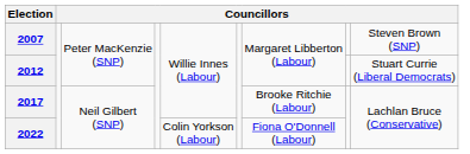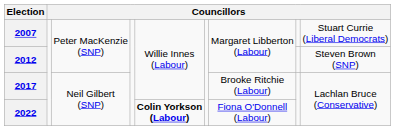 <table class="wikitable" style="text-align:center">
 <tr>
 <th>Election</th>
 <th colspan=8>Councillors</th>
 </tr>
 <tr>
 <th><a href='#'>2007</a></th>
 <td rowspan=4; style="background-color: "></td>
 <td rowspan=2>Peter MacKenzie<br>(<a href='#'>SNP</a>)</td>
 <td rowspan=4; style="background-color: "></td>
 <td rowspan=3>Willie Innes<br>(<a href='#'>Labour</a>)</td>
 <td rowspan=4; style="background-color: "></td>
 <td rowspan=2>Margaret Libberton<br>(<a href='#'>Labour</a>)</td>
 <td rowspan=1; style="background-color: "></td>
-<td rowspan=1>Steven Brown<br>(<a href='#'>SNP</a>)</td>
+<td rowspan=1>Stuart Currie<br>(<a href='#'>Liberal Democrats</a>)</td>
 </tr>
 <tr>
 <th><a href='#'>2012</a></th>
 <td rowspan=1; style="background-color: "></td>
-<td rowspan=1>Stuart Currie<br>(<a href='#'>Liberal Democrats</a>)</td>
+<td rowspan=1>Steven Brown<br>(<a href='#'>SNP</a>)</td>
 </tr>
 <tr>
 <th><a href='#'>2017</a></th>
 <td rowspan=2>Neil Gilbert<br>(<a href='#'>SNP</a>)</td>
 <td rowspan=1>Brooke Ritchie<br>(<a href='#'>Labour</a>)</td>
 <td rowspan=2; style="background-color: "></td>
 <td rowspan=2>Lachlan Bruce<br>(<a href='#'>Conservative</a>)</td>
 </tr>
 <tr>
 <th><a href='#'>2022</a></th>
-<td rowspan=1>Colin Yorkson<br>(<a href='#'>Labour</a>)</td>
+<td rowspan=1><strong>Colin Yorkson<br>(<a href='#'>Labour</a>)</strong></td>
 <td rowspan=1><a href='#'>Fiona O'Donnell</a><br>(<a href='#'>Labour</a>)</td>
 </tr>
 </table>
